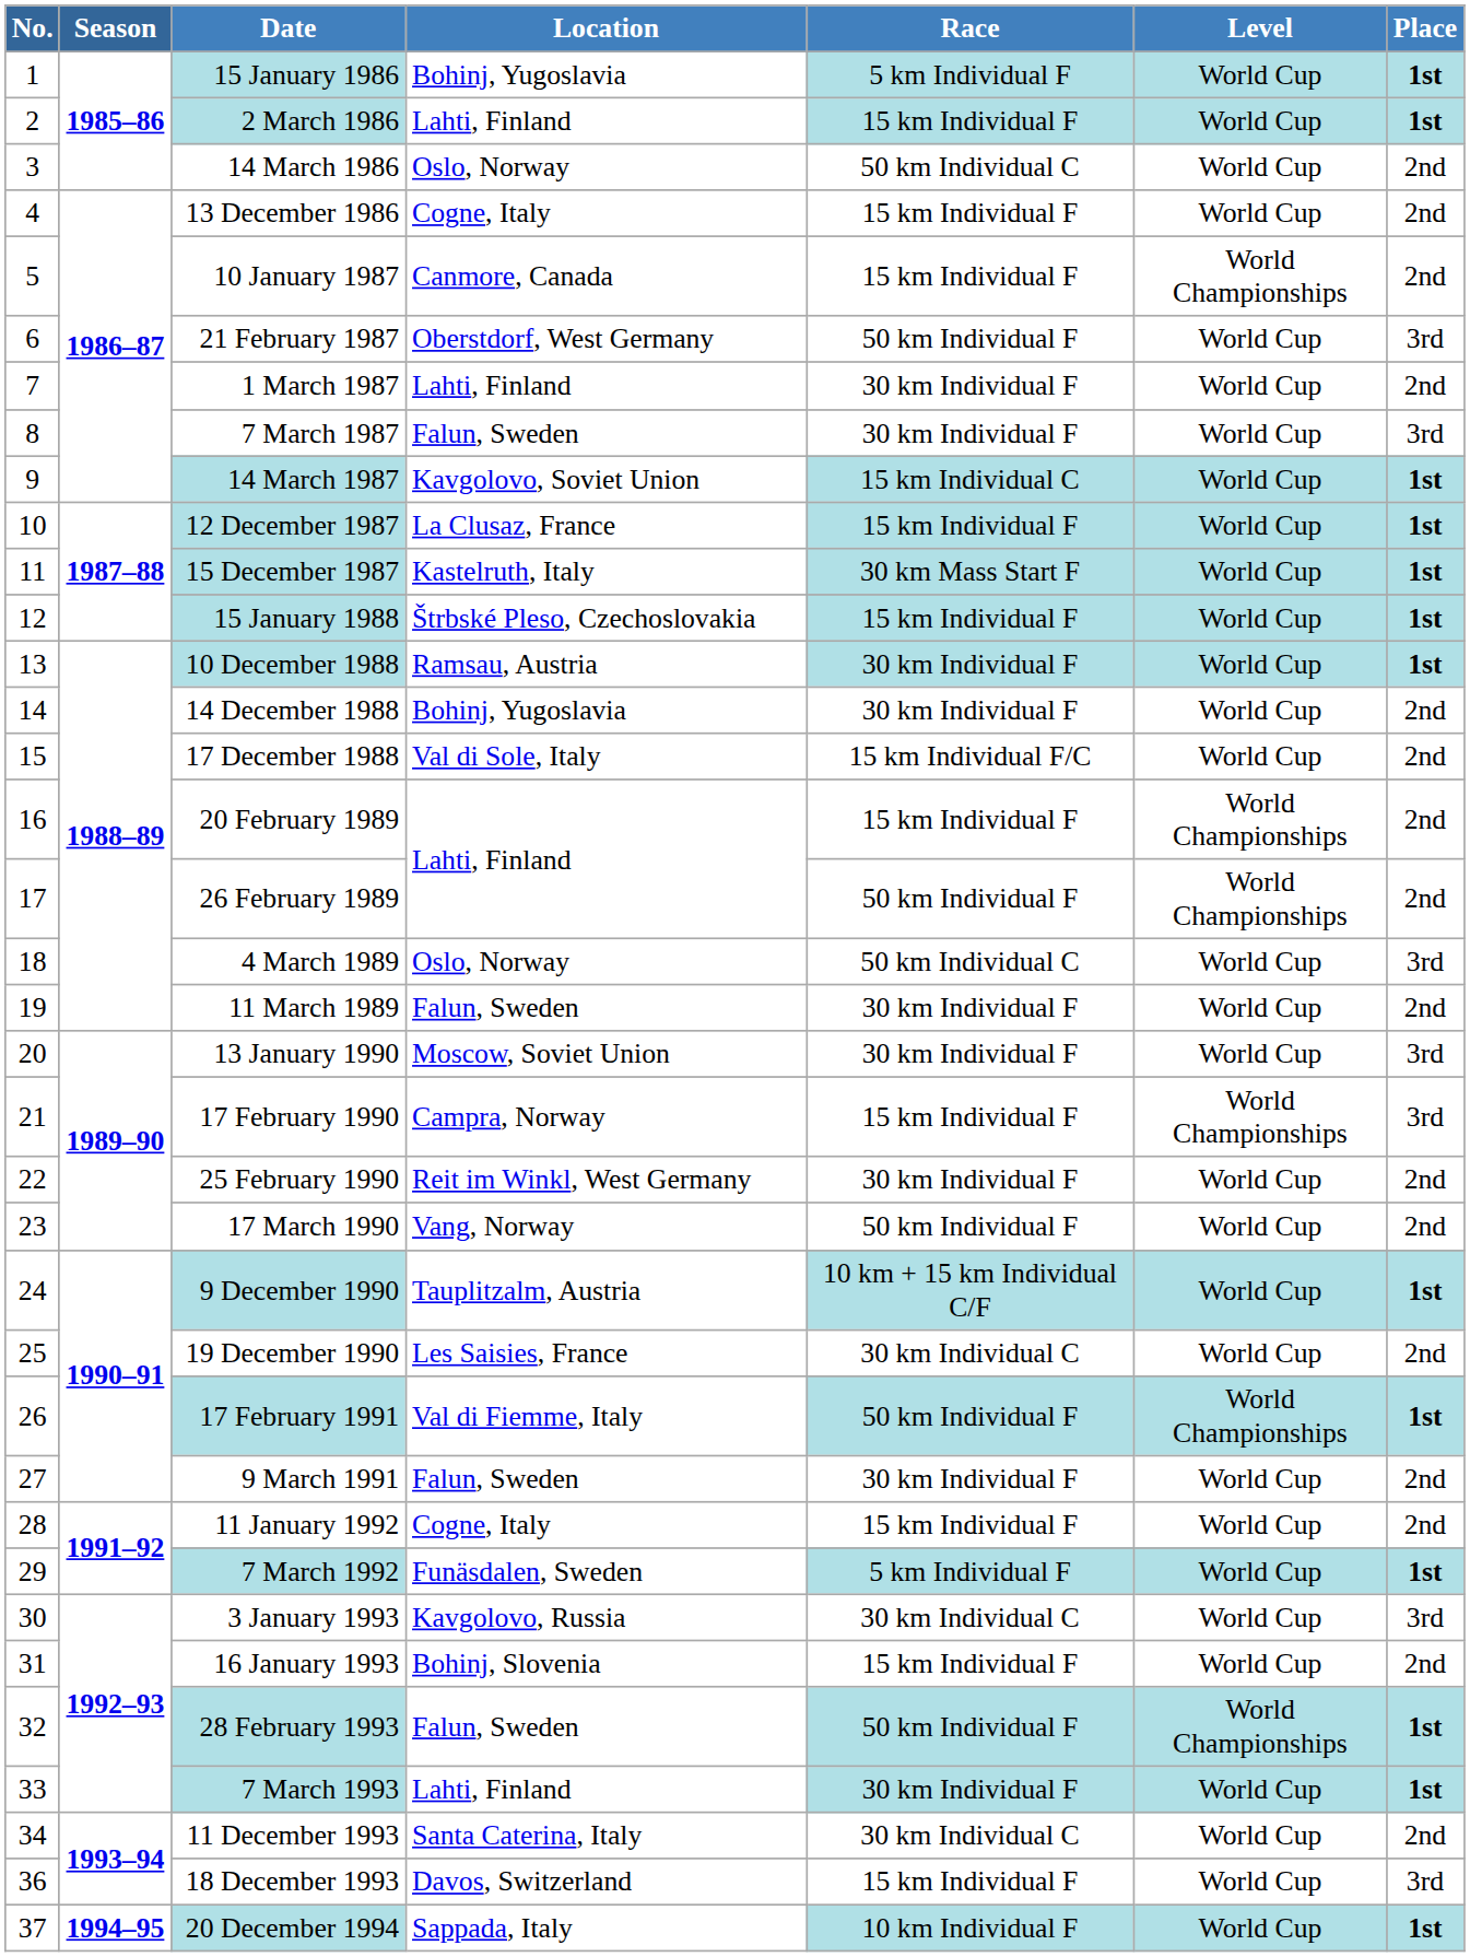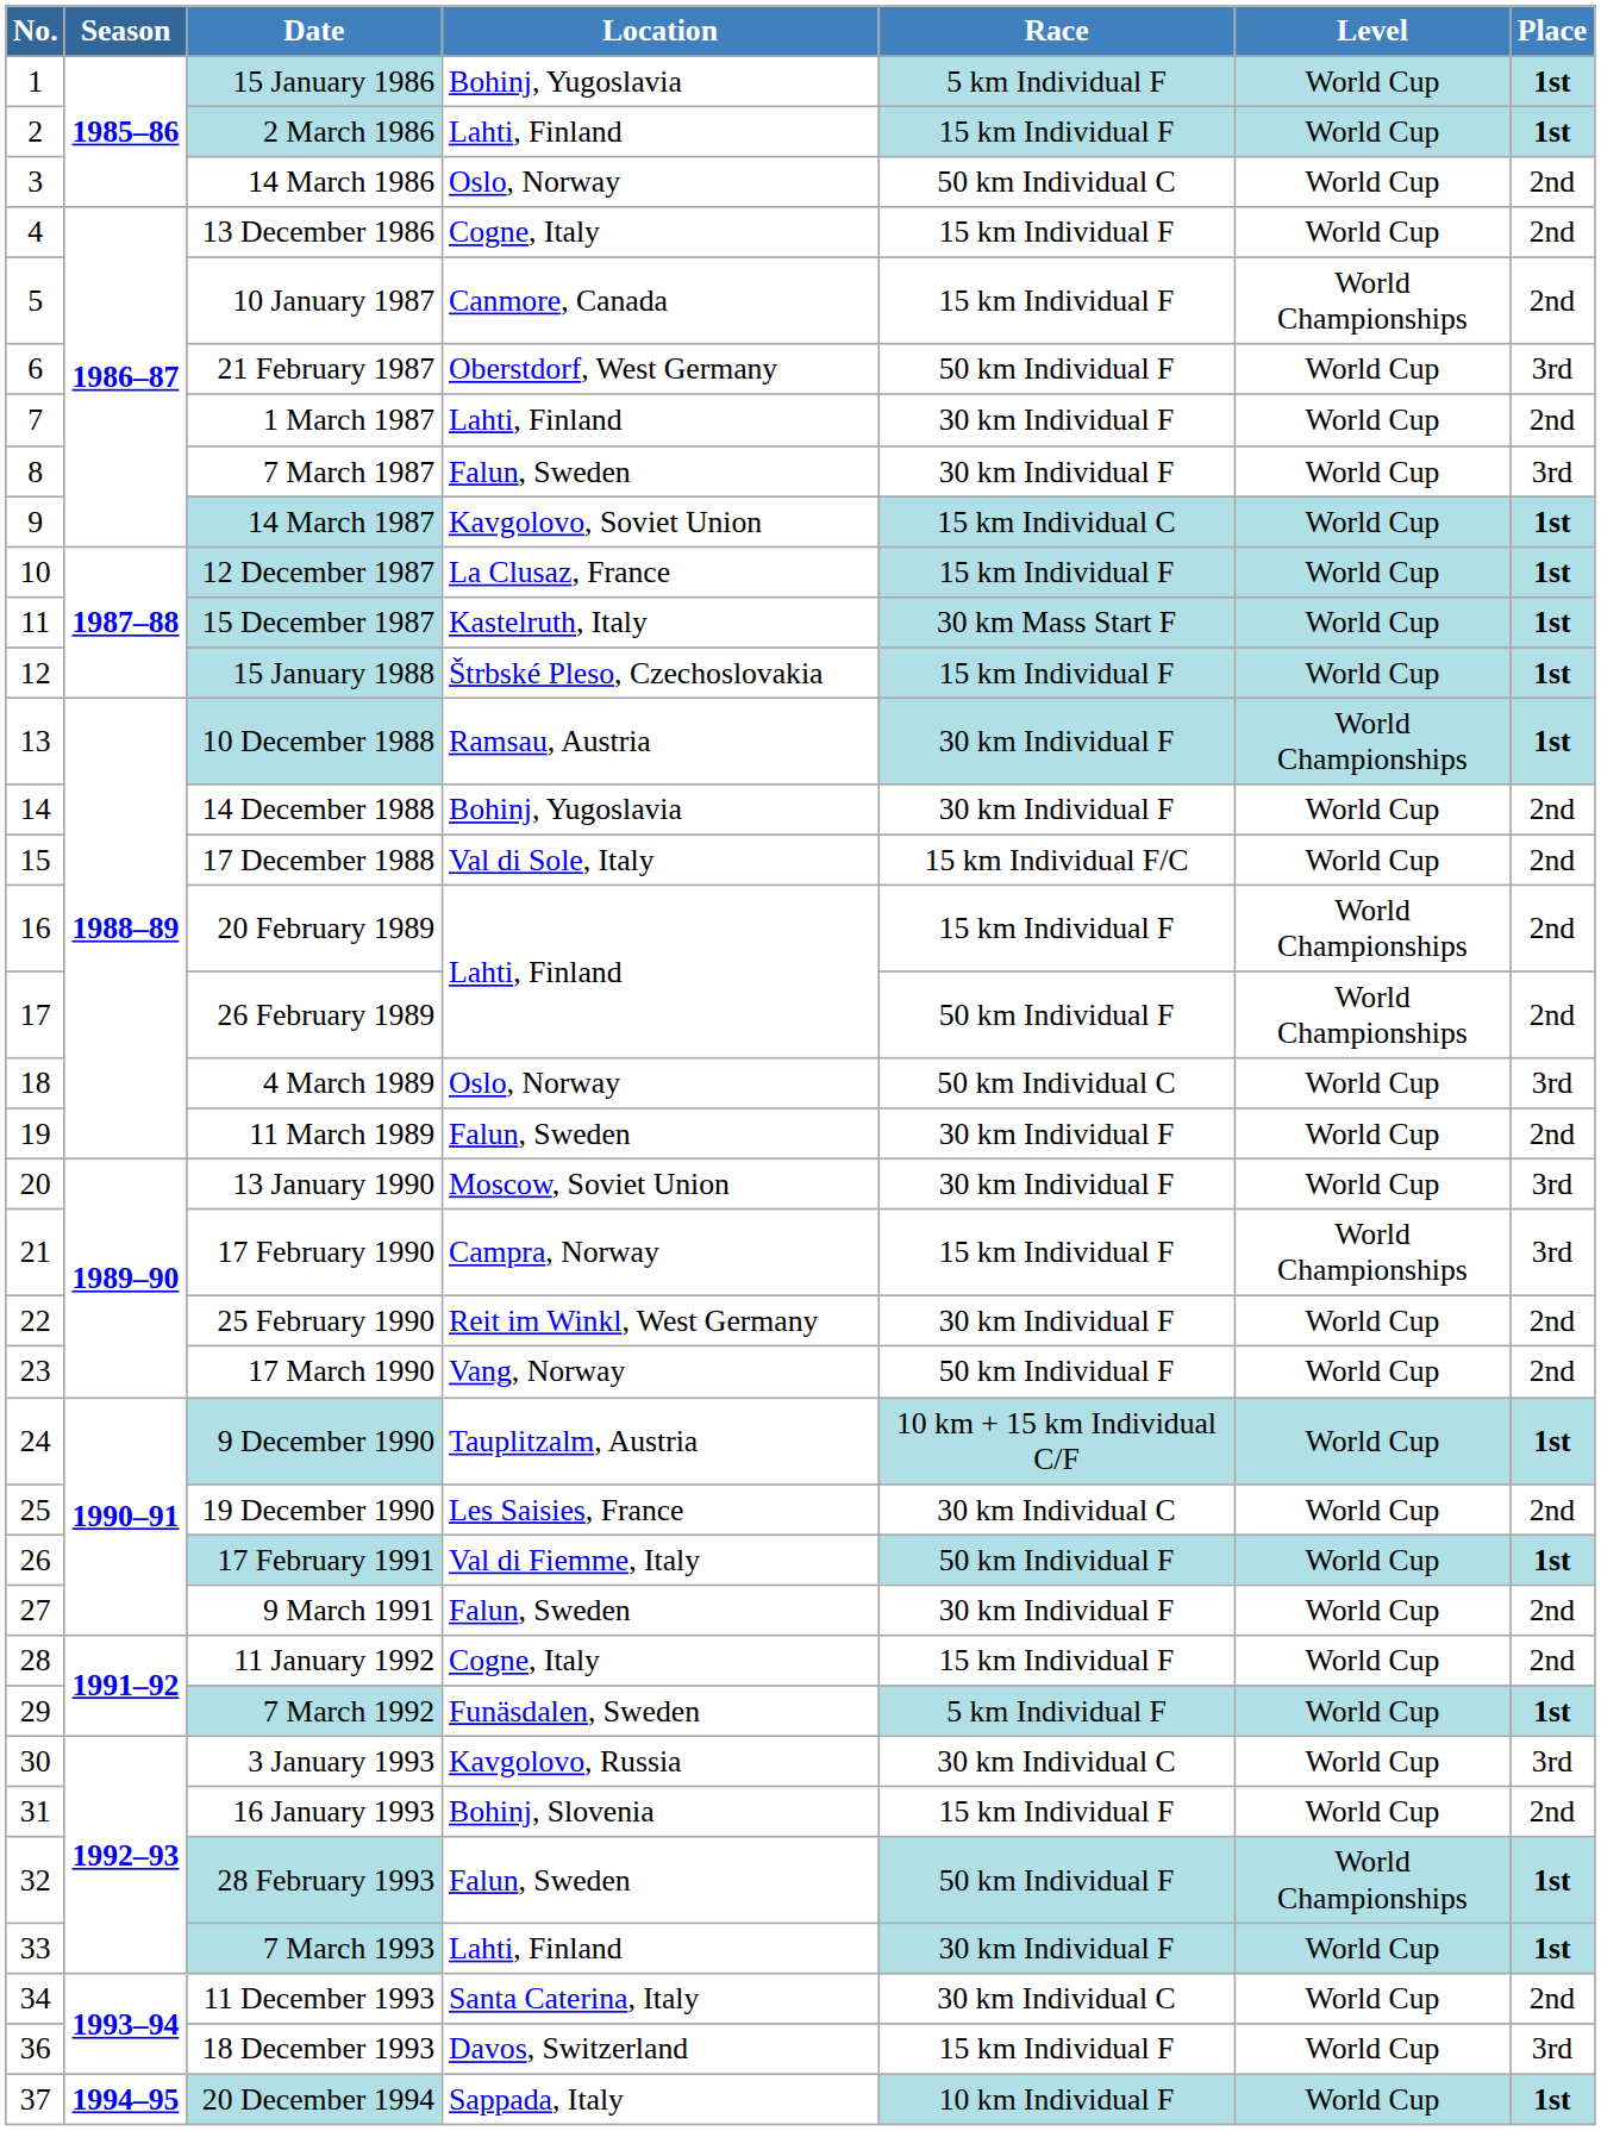 <table class="wikitable sortable" style="font-size:95%; text-align:center; border:grey solid 1px; border-collapse:collapse; background:#ffffff;">
 <tr style="background:#efefef;">
 <th style="background-color:#369; color:white;">No.</th>
 <th style="background-color:#369; color:white;">Season</th>
 <th style="background-color:#4180be; color:white; width:120px;">Date</th>
 <th style="background-color:#4180be; color:white; width:210px;">Location</th>
 <th style="background-color:#4180be; color:white; width:170px;">Race</th>
 <th style="background-color:#4180be; color:white; width:130px;">Level</th>
 <th style="background-color:#4180be; color:white;">Place</th>
 </tr>
 <tr>
 <td align=center>1</td>
 <td rowspan=3 align=center><strong><a href='#'>1985–86</a></strong></td>
 <td bgcolor="#BOEOE6" align=right>15 January 1986</td>
 <td align=left> <a href='#'>Bohinj</a>, Yugoslavia</td>
 <td bgcolor="#BOEOE6">5 km Individual F</td>
 <td bgcolor="#BOEOE6">World Cup</td>
 <td bgcolor="#BOEOE6"><strong>1st</strong></td>
 </tr>
 <tr>
 <td align=center>2</td>
 <td bgcolor="#BOEOE6" align=right>2 March 1986</td>
 <td align=left> <a href='#'>Lahti</a>, Finland</td>
 <td bgcolor="#BOEOE6">15 km Individual F</td>
 <td bgcolor="#BOEOE6">World Cup</td>
 <td bgcolor="#BOEOE6"><strong>1st</strong></td>
 </tr>
 <tr>
 <td align=center>3</td>
 <td align=right>14 March 1986</td>
 <td align=left> <a href='#'>Oslo</a>, Norway</td>
 <td>50 km Individual C</td>
 <td>World Cup</td>
 <td>2nd</td>
 </tr>
 <tr>
 <td align=center>4</td>
 <td rowspan=6 align=center><strong><a href='#'>1986–87</a></strong></td>
 <td align=right>13 December 1986</td>
 <td align=left> <a href='#'>Cogne</a>, Italy</td>
 <td>15 km Individual F</td>
 <td>World Cup</td>
 <td>2nd</td>
 </tr>
 <tr>
 <td align=center>5</td>
 <td align=right>10 January 1987</td>
 <td align=left> <a href='#'>Canmore</a>, Canada</td>
 <td>15 km Individual F</td>
 <td>World Championships</td>
 <td>2nd</td>
 </tr>
 <tr>
 <td align=center>6</td>
 <td align=right>21 February 1987</td>
 <td align=left> <a href='#'>Oberstdorf</a>, West Germany</td>
 <td>50 km Individual F</td>
 <td>World Cup</td>
 <td>3rd</td>
 </tr>
 <tr>
 <td align=center>7</td>
 <td align=right>1 March 1987</td>
 <td align=left> <a href='#'>Lahti</a>, Finland</td>
 <td>30 km Individual F</td>
 <td>World Cup</td>
 <td>2nd</td>
 </tr>
 <tr>
 <td align=center>8</td>
 <td align=right>7 March 1987</td>
 <td align=left> <a href='#'>Falun</a>, Sweden</td>
 <td>30 km Individual F</td>
 <td>World Cup</td>
 <td>3rd</td>
 </tr>
 <tr>
 <td align=center>9</td>
 <td bgcolor="#BOEOE6" align=right>14 March 1987</td>
 <td align=left> <a href='#'>Kavgolovo</a>, Soviet Union</td>
 <td bgcolor="#BOEOE6">15 km Individual C</td>
 <td bgcolor="#BOEOE6">World Cup</td>
 <td bgcolor="#BOEOE6"><strong>1st</strong></td>
 </tr>
 <tr>
 <td align=center>10</td>
 <td rowspan=3 align=center><strong><a href='#'>1987–88</a></strong></td>
 <td bgcolor="#BOEOE6" align=right>12 December 1987</td>
 <td align=left> <a href='#'>La Clusaz</a>, France</td>
 <td bgcolor="#BOEOE6">15 km Individual F</td>
 <td bgcolor="#BOEOE6">World Cup</td>
 <td bgcolor="#BOEOE6"><strong>1st</strong></td>
 </tr>
 <tr>
 <td align=center>11</td>
 <td bgcolor="#BOEOE6" align=right>15 December 1987</td>
 <td align=left> <a href='#'>Kastelruth</a>, Italy</td>
 <td bgcolor="#BOEOE6">30 km Mass Start F</td>
 <td bgcolor="#BOEOE6">World Cup</td>
 <td bgcolor="#BOEOE6"><strong>1st</strong></td>
 </tr>
 <tr>
 <td align=center>12</td>
 <td bgcolor="#BOEOE6" align=right>15 January 1988</td>
 <td align=left> <a href='#'>Štrbské Pleso</a>, Czechoslovakia</td>
 <td bgcolor="#BOEOE6">15 km Individual F</td>
 <td bgcolor="#BOEOE6">World Cup</td>
 <td bgcolor="#BOEOE6"><strong>1st</strong></td>
 </tr>
 <tr>
 <td align=center>13</td>
 <td rowspan=7 align=center><strong><a href='#'>1988–89</a></strong></td>
 <td bgcolor="#BOEOE6" align=right>10 December 1988</td>
 <td align=left> <a href='#'>Ramsau</a>, Austria</td>
 <td bgcolor="#BOEOE6">30 km Individual F</td>
-<td bgcolor="#BOEOE6">World Cup</td>
+<td bgcolor="#BOEOE6">World Championships</td>
 <td bgcolor="#BOEOE6"><strong>1st</strong></td>
 </tr>
 <tr>
 <td align=center>14</td>
 <td align=right>14 December 1988</td>
 <td align=left> <a href='#'>Bohinj</a>, Yugoslavia</td>
 <td>30 km Individual F</td>
 <td>World Cup</td>
 <td>2nd</td>
 </tr>
 <tr>
 <td align=center>15</td>
 <td align=right>17 December 1988</td>
 <td align=left> <a href='#'>Val di Sole</a>, Italy</td>
 <td>15 km Individual F/C</td>
 <td>World Cup</td>
 <td>2nd</td>
 </tr>
 <tr>
 <td align=center>16</td>
 <td align=right>20 February 1989</td>
 <td rowspan=2 align=left> <a href='#'>Lahti</a>, Finland</td>
 <td>15 km Individual F</td>
 <td>World Championships</td>
 <td>2nd</td>
 </tr>
 <tr>
 <td align=center>17</td>
 <td align=right>26 February 1989</td>
 <td>50 km Individual F</td>
 <td>World Championships</td>
 <td>2nd</td>
 </tr>
 <tr>
 <td align=center>18</td>
 <td align=right>4 March 1989</td>
 <td align=left> <a href='#'>Oslo</a>, Norway</td>
 <td>50 km Individual C</td>
 <td>World Cup</td>
 <td>3rd</td>
 </tr>
 <tr>
 <td align=center>19</td>
 <td align=right>11 March 1989</td>
 <td align=left> <a href='#'>Falun</a>, Sweden</td>
 <td>30 km Individual F</td>
 <td>World Cup</td>
 <td>2nd</td>
 </tr>
 <tr>
 <td align=center>20</td>
 <td rowspan=4 align=center><strong><a href='#'>1989–90</a></strong></td>
 <td align=right>13 January 1990</td>
 <td align=left> <a href='#'>Moscow</a>, Soviet Union</td>
 <td>30 km Individual F</td>
 <td>World Cup</td>
 <td>3rd</td>
 </tr>
 <tr>
 <td align=center>21</td>
 <td align=right>17 February 1990</td>
 <td align=left> <a href='#'>Campra</a>, Norway</td>
 <td>15 km Individual F</td>
 <td>World Championships</td>
 <td>3rd</td>
 </tr>
 <tr>
 <td align=center>22</td>
 <td align=right>25 February 1990</td>
 <td align=left> <a href='#'>Reit im Winkl</a>, West Germany</td>
 <td>30 km Individual F</td>
 <td>World Cup</td>
 <td>2nd</td>
 </tr>
 <tr>
 <td align=center>23</td>
 <td align=right>17 March 1990</td>
 <td align=left> <a href='#'>Vang</a>, Norway</td>
 <td>50 km Individual F</td>
 <td>World Cup</td>
 <td>2nd</td>
 </tr>
 <tr>
 <td align=center>24</td>
 <td rowspan=4 align=center><strong><a href='#'>1990–91</a></strong></td>
 <td bgcolor="#BOEOE6" align=right>9 December 1990</td>
 <td align=left> <a href='#'>Tauplitzalm</a>, Austria</td>
 <td bgcolor="#BOEOE6">10 km + 15 km Individual C/F</td>
 <td bgcolor="#BOEOE6">World Cup</td>
 <td bgcolor="#BOEOE6"><strong>1st</strong></td>
 </tr>
 <tr>
 <td align=center>25</td>
 <td align=right>19 December 1990</td>
 <td align=left> <a href='#'>Les Saisies</a>, France</td>
 <td>30 km Individual C</td>
 <td>World Cup</td>
 <td>2nd</td>
 </tr>
 <tr>
 <td align=center>26</td>
 <td bgcolor="#BOEOE6" align=right>17 February 1991</td>
 <td align=left> <a href='#'>Val di Fiemme</a>, Italy</td>
 <td bgcolor="#BOEOE6">50 km Individual F</td>
-<td bgcolor="#BOEOE6">World Championships</td>
+<td bgcolor="#BOEOE6">World Cup</td>
 <td bgcolor="#BOEOE6"><strong>1st</strong></td>
 </tr>
 <tr>
 <td align=center>27</td>
 <td align=right>9 March 1991</td>
 <td align=left> <a href='#'>Falun</a>, Sweden</td>
 <td>30 km Individual F</td>
 <td>World Cup</td>
 <td>2nd</td>
 </tr>
 <tr>
 <td align=center>28</td>
 <td rowspan=2 align=center><strong><a href='#'>1991–92</a></strong></td>
 <td align=right>11 January 1992</td>
 <td align=left> <a href='#'>Cogne</a>, Italy</td>
 <td>15 km Individual F</td>
 <td>World Cup</td>
 <td>2nd</td>
 </tr>
 <tr>
 <td align=center>29</td>
 <td bgcolor="#BOEOE6" align=right>7 March 1992</td>
 <td align=left> <a href='#'>Funäsdalen</a>, Sweden</td>
 <td bgcolor="#BOEOE6">5 km Individual F</td>
 <td bgcolor="#BOEOE6">World Cup</td>
 <td bgcolor="#BOEOE6"><strong>1st</strong></td>
 </tr>
 <tr>
 <td align=center>30</td>
 <td rowspan=4 align=center><strong><a href='#'>1992–93</a></strong></td>
 <td align=right>3 January 1993</td>
 <td align=left> <a href='#'>Kavgolovo</a>, Russia</td>
 <td>30 km Individual C</td>
 <td>World Cup</td>
 <td>3rd</td>
 </tr>
 <tr>
 <td align=center>31</td>
 <td align=right>16 January 1993</td>
 <td align=left> <a href='#'>Bohinj</a>, Slovenia</td>
 <td>15 km Individual F</td>
 <td>World Cup</td>
 <td>2nd</td>
 </tr>
 <tr>
 <td align=center>32</td>
 <td bgcolor="#BOEOE6" align=right>28 February 1993</td>
 <td align=left> <a href='#'>Falun</a>, Sweden</td>
 <td bgcolor="#BOEOE6">50 km Individual F</td>
 <td bgcolor="#BOEOE6">World Championships</td>
 <td bgcolor="#BOEOE6"><strong>1st</strong></td>
 </tr>
 <tr>
 <td align=center>33</td>
 <td bgcolor="#BOEOE6" align=right>7 March 1993</td>
 <td align=left> <a href='#'>Lahti</a>, Finland</td>
 <td bgcolor="#BOEOE6">30 km Individual F</td>
 <td bgcolor="#BOEOE6">World Cup</td>
 <td bgcolor="#BOEOE6"><strong>1st</strong></td>
 </tr>
 <tr>
 <td align=center>34</td>
 <td rowspan=2 align=center><strong><a href='#'>1993–94</a></strong></td>
 <td align=right>11 December 1993</td>
 <td align=left> <a href='#'>Santa Caterina</a>, Italy</td>
 <td>30 km Individual C</td>
 <td>World Cup</td>
 <td>2nd</td>
 </tr>
 <tr>
 <td align=center>36</td>
 <td align=right>18 December 1993</td>
 <td align=left> <a href='#'>Davos</a>, Switzerland</td>
 <td>15 km Individual F</td>
 <td>World Cup</td>
 <td>3rd</td>
 </tr>
 <tr>
 <td align=center>37</td>
 <td rowspan=1 align=center><strong><a href='#'>1994–95</a></strong></td>
 <td bgcolor="#BOEOE6" align=right>20 December 1994</td>
 <td align=left> <a href='#'>Sappada</a>, Italy</td>
 <td bgcolor="#BOEOE6">10 km Individual F</td>
 <td bgcolor="#BOEOE6">World Cup</td>
 <td bgcolor="#BOEOE6"><strong>1st</strong></td>
 </tr>
 </table>
